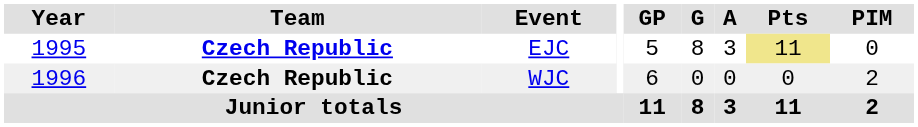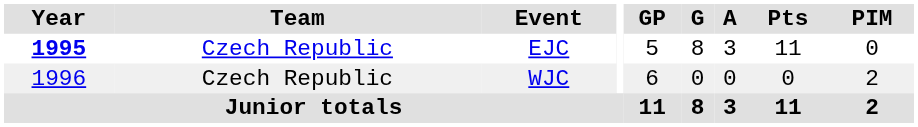 <table border="0" cellpadding="1" cellspacing="0" ID="Table3" style="text-align:center; width:40em">
 <tr bgcolor="#e0e0e0">
 <th>Year</th>
 <th>Team</th>
 <th>Event</th>
 <th rowspan="102" bgcolor="#ffffff"></th>
 <th>GP</th>
 <th>G</th>
 <th>A</th>
 <th>Pts</th>
 <th>PIM</th>
 </tr>
 <tr>
-<td><a href='#'>1995</a></td>
-<td><strong><a href='#'>Czech Republic</a></strong></td>
+<td><strong><a href='#'>1995</a></strong></td>
+<td><a href='#'>Czech Republic</a></td>
 <td><a href='#'>EJC</a></td>
 <td>5</td>
 <td>8</td>
 <td>3</td>
-<td style="background: khaki;">11</td>
+<td>11</td>
 <td>0</td>
 </tr>
 <tr bgcolor="#f0f0f0">
 <td><a href='#'>1996</a></td>
-<td><strong>Czech Republic</strong></td>
+<td>Czech Republic</td>
 <td><a href='#'>WJC</a></td>
 <td>6</td>
 <td>0</td>
 <td>0</td>
 <td>0</td>
 <td>2</td>
 </tr>
 <tr bgcolor="#e0e0e0">
 <th colspan="4">Junior totals</th>
 <th>11</th>
 <th>8</th>
 <th>3</th>
 <th>11</th>
 <th>2</th>
 </tr>
 </table>
